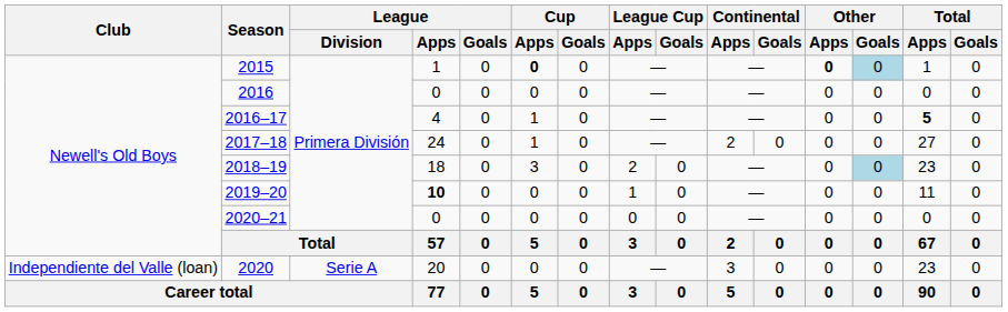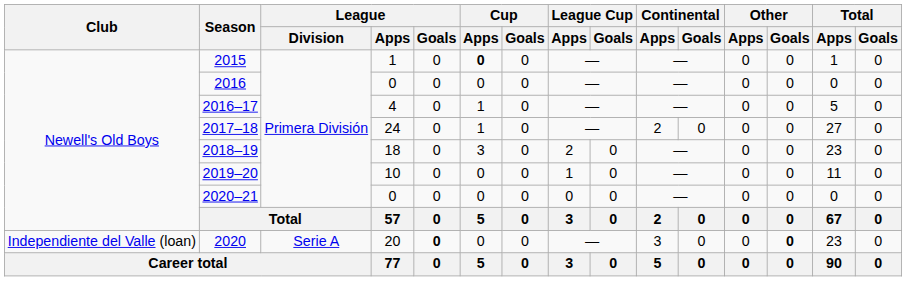 <table class="wikitable" style="text-align:center">
 <tr>
 <th rowspan="2">Club</th>
 <th rowspan="2">Season</th>
 <th colspan="3">League</th>
 <th colspan="2">Cup</th>
 <th colspan="2">League Cup</th>
 <th colspan="2">Continental</th>
 <th colspan="2">Other</th>
 <th colspan="2">Total</th>
 </tr>
 <tr>
 <th>Division</th>
 <th>Apps</th>
 <th>Goals</th>
 <th>Apps</th>
 <th>Goals</th>
 <th>Apps</th>
 <th>Goals</th>
 <th>Apps</th>
 <th>Goals</th>
 <th>Apps</th>
 <th>Goals</th>
 <th>Apps</th>
 <th>Goals</th>
 </tr>
 <tr>
 <td rowspan="8"><a href='#'>Newell's Old Boys</a></td>
 <td><a href='#'>2015</a></td>
 <td rowspan="7"><a href='#'>Primera División</a></td>
 <td>1</td>
 <td>0</td>
 <td><strong>0</strong></td>
 <td>0</td>
 <td colspan="2">—</td>
 <td colspan="2">—</td>
-<td><strong>0</strong></td>
-<td style="background: lightblue;">0</td>
+<td>0</td>
+<td>0</td>
 <td>1</td>
 <td>0</td>
 </tr>
 <tr>
 <td><a href='#'>2016</a></td>
 <td>0</td>
 <td>0</td>
 <td>0</td>
 <td>0</td>
 <td colspan="2">—</td>
 <td colspan="2">—</td>
 <td>0</td>
 <td>0</td>
 <td>0</td>
 <td>0</td>
 </tr>
 <tr>
 <td><a href='#'>2016–17</a></td>
 <td>4</td>
 <td>0</td>
 <td>1</td>
 <td>0</td>
 <td colspan="2">—</td>
 <td colspan="2">—</td>
 <td>0</td>
 <td>0</td>
-<td><strong>5</strong></td>
+<td>5</td>
 <td>0</td>
 </tr>
 <tr>
 <td><a href='#'>2017–18</a></td>
 <td>24</td>
 <td>0</td>
 <td>1</td>
 <td>0</td>
 <td colspan="2">—</td>
 <td>2</td>
 <td>0</td>
 <td>0</td>
 <td>0</td>
 <td>27</td>
 <td>0</td>
 </tr>
 <tr>
 <td><a href='#'>2018–19</a></td>
 <td>18</td>
 <td>0</td>
 <td>3</td>
 <td>0</td>
 <td>2</td>
 <td>0</td>
 <td colspan="2">—</td>
 <td>0</td>
-<td style="background: lightblue;">0</td>
+<td>0</td>
 <td>23</td>
 <td>0</td>
 </tr>
 <tr>
 <td><a href='#'>2019–20</a></td>
-<td><strong>10</strong></td>
+<td>10</td>
 <td>0</td>
 <td>0</td>
 <td>0</td>
 <td>1</td>
 <td>0</td>
 <td colspan="2">—</td>
 <td>0</td>
 <td>0</td>
 <td>11</td>
 <td>0</td>
 </tr>
 <tr>
 <td><a href='#'>2020–21</a></td>
 <td>0</td>
 <td>0</td>
 <td>0</td>
 <td>0</td>
 <td>0</td>
 <td>0</td>
 <td colspan="2">—</td>
 <td>0</td>
 <td>0</td>
 <td>0</td>
 <td>0</td>
 </tr>
 <tr>
 <th colspan="2">Total</th>
 <th>57</th>
 <th>0</th>
 <th>5</th>
 <th>0</th>
 <th>3</th>
 <th>0</th>
 <th>2</th>
 <th>0</th>
 <th>0</th>
 <th>0</th>
 <th>67</th>
 <th>0</th>
 </tr>
 <tr>
 <td rowspan="1"><a href='#'>Independiente del Valle</a> (loan)</td>
 <td><a href='#'>2020</a></td>
 <td rowspan="1"><a href='#'>Serie A</a></td>
 <td>20</td>
-<td>0</td>
+<td><strong>0</strong></td>
 <td>0</td>
 <td>0</td>
 <td colspan="2">—</td>
 <td>3</td>
 <td>0</td>
 <td>0</td>
-<td>0</td>
+<td><strong>0</strong></td>
 <td>23</td>
 <td>0</td>
 </tr>
 <tr>
 <th colspan="3">Career total</th>
 <th>77</th>
 <th>0</th>
 <th>5</th>
 <th>0</th>
 <th>3</th>
 <th>0</th>
 <th>5</th>
 <th>0</th>
 <th>0</th>
 <th>0</th>
 <th>90</th>
 <th>0</th>
 </tr>
 </table>
